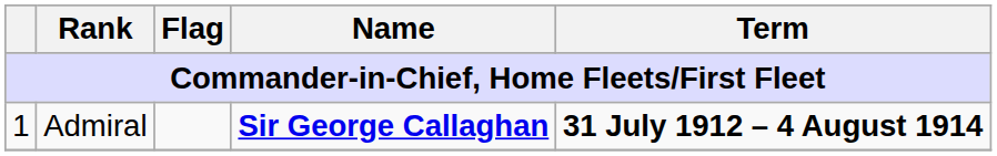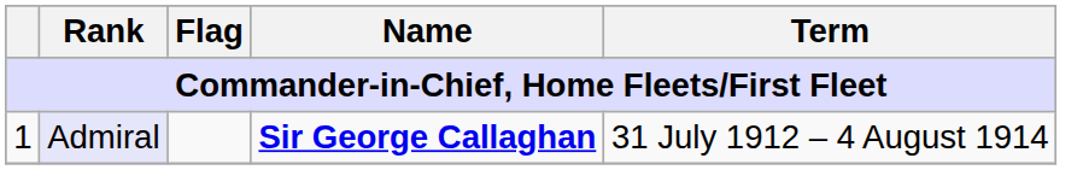 <table class="wikitable">
 <tr>
 <th></th>
 <th>Rank</th>
 <th>Flag</th>
 <th>Name</th>
 <th>Term</th>
 </tr>
 <tr>
 <td colspan="5" align="center" style="background:#dcdcfe;"><strong>Commander-in-Chief, Home Fleets/First Fleet</strong></td>
 </tr>
 <tr>
 <td>1</td>
-<td>Admiral</td>
+<td style="background: lavender;">Admiral</td>
 <td></td>
 <td><strong><a href='#'>Sir George Callaghan</a></strong></td>
-<td><strong>31 July 1912 – 4 August 1914</strong></td>
+<td>31 July 1912 – 4 August 1914</td>
 </tr>
 <tr>
 </tr>
 </table>
